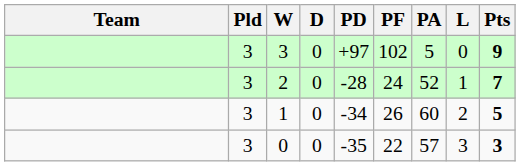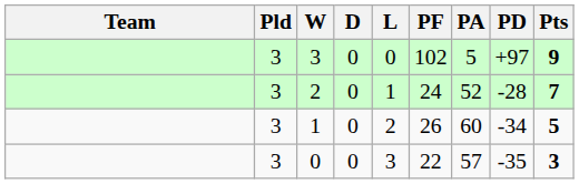 <table class="wikitable" style="text-align:center;">
 <tr>
 <th width=175>Team</th>
 <th width=20 abbr="Played">Pld</th>
 <th width=20 abbr="Won">W</th>
 <th width=20 abbr="Drawn">D</th>
-<th width=25 abbr="Points difference">PD</th>
+<th width=20 abbr="Lost">L</th>
 <th width=20 abbr="Points for">PF</th>
 <th width=20 abbr="Points against">PA</th>
-<th width=20 abbr="Lost">L</th>
+<th width=25 abbr="Points difference">PD</th>
 <th width=20 abbr="Points">Pts</th>
 </tr>
 <tr bgcolor=ccffcc>
 <td align=left></td>
 <td>3</td>
 <td>3</td>
 <td>0</td>
-<td>+97</td>
+<td>0</td>
 <td>102</td>
 <td>5</td>
-<td>0</td>
+<td>+97</td>
 <td><strong>9</strong></td>
 </tr>
 <tr bgcolor=ccffcc>
 <td align=left></td>
 <td>3</td>
 <td>2</td>
 <td>0</td>
-<td>-28</td>
+<td>1</td>
 <td>24</td>
 <td>52</td>
-<td>1</td>
+<td>-28</td>
 <td><strong>7</strong></td>
 </tr>
 <tr>
 <td align=left></td>
 <td>3</td>
 <td>1</td>
 <td>0</td>
-<td>-34</td>
+<td>2</td>
 <td>26</td>
 <td>60</td>
-<td>2</td>
+<td>-34</td>
 <td><strong>5</strong></td>
 </tr>
 <tr>
 <td align=left></td>
 <td>3</td>
 <td>0</td>
 <td>0</td>
-<td>-35</td>
+<td>3</td>
 <td>22</td>
 <td>57</td>
-<td>3</td>
+<td>-35</td>
 <td><strong>3</strong></td>
 </tr>
 </table>
